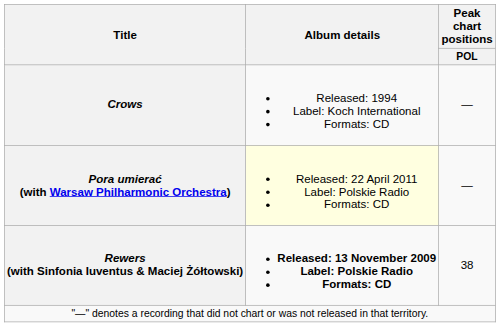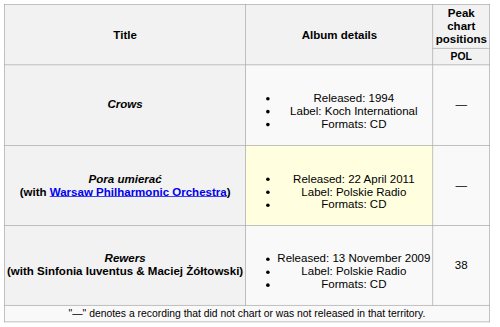 <table class="wikitable plainrowheaders" style="text-align:center;">
 <tr>
 <th scope="col" rowspan="2">Title</th>
 <th scope="col" rowspan="2">Album details</th>
 <th scope="col" colspan="1">Peak chart positions</th>
 </tr>
 <tr>
 <th scope="col" style="width:3em;font-size:90%;">POL<br></th>
 </tr>
 <tr>
 <th scope="row"><em>Crows</em></th>
 <td><br><ul><li>Released: 1994</li><li>Label: Koch International</li><li>Formats: CD</li></ul></td>
 <td>—</td>
 </tr>
 <tr>
 <th scope="row"><em>Pora umierać</em><br>(with <a href='#'>Warsaw Philharmonic Orchestra</a>)</th>
 <td style="background: lightyellow;"><br><ul><li>Released: 22 April 2011</li><li>Label: Polskie Radio</li><li>Formats: CD</li></ul></td>
 <td>—</td>
 </tr>
 <tr>
 <th scope="row"><em>Rewers</em><br>(with Sinfonia Iuventus & Maciej Żółtowski)</th>
-<td><strong><br><ul><li>Released: 13 November 2009</li><li>Label: Polskie Radio</li><li>Formats: CD</li></ul></strong></td>
+<td><br><ul><li>Released: 13 November 2009</li><li>Label: Polskie Radio</li><li>Formats: CD</li></ul></td>
 <td>38</td>
 </tr>
 <tr>
 <td colspan="20" style="font-size:90%">"—" denotes a recording that did not chart or was not released in that territory.</td>
 </tr>
 </table>
